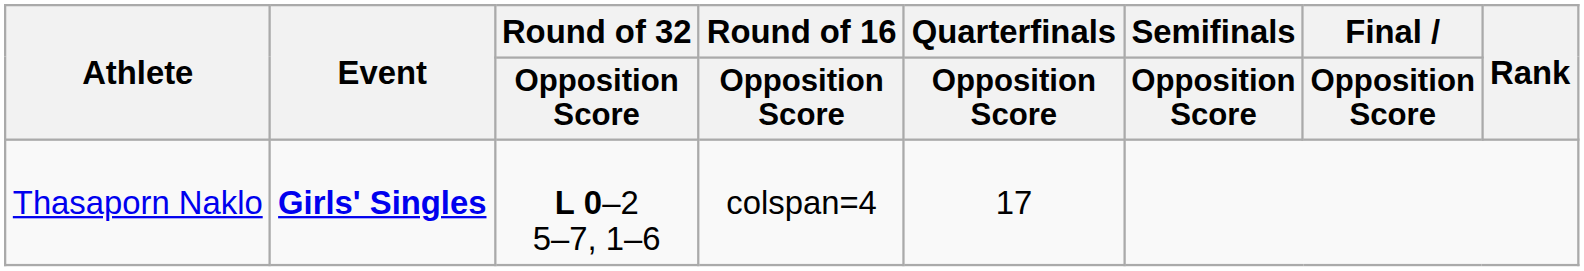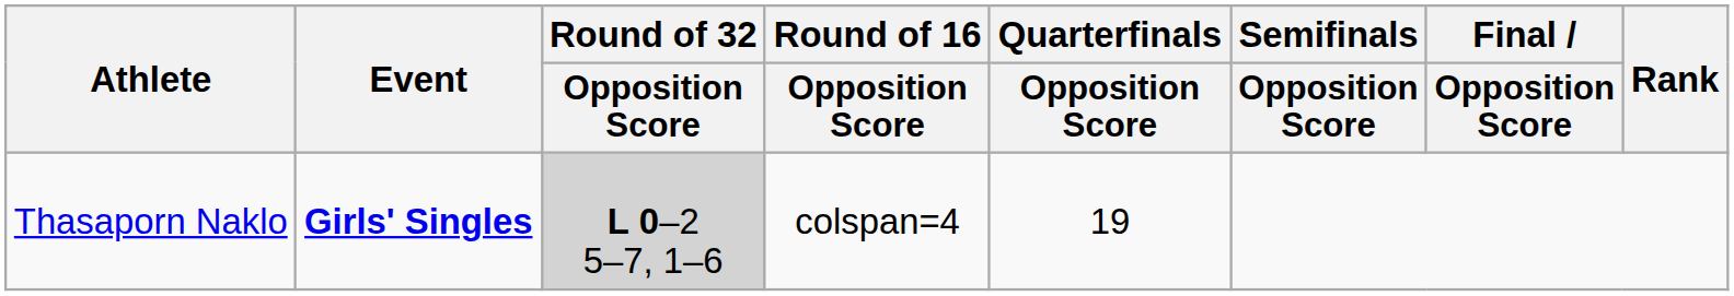 <table class=wikitable style="font-size:90%">
 <tr>
 <th rowspan="2">Athlete</th>
 <th rowspan="2">Event</th>
 <th>Round of 32</th>
 <th>Round of 16</th>
 <th>Quarterfinals</th>
 <th>Semifinals</th>
 <th>Final / </th>
 <th rowspan=2>Rank</th>
 </tr>
 <tr style="font-size:95%">
 <th>Opposition<br>Score</th>
 <th>Opposition<br>Score</th>
 <th>Opposition<br>Score</th>
 <th>Opposition<br>Score</th>
 <th>Opposition<br>Score</th>
 </tr>
 <tr align=center>
 <td align=left><a href='#'>Thasaporn Naklo</a></td>
 <td align=left><strong><a href='#'>Girls' Singles</a></strong></td>
-<td><br><strong>L</strong> <strong>0</strong>–2 <br> 5–7, 1–6</td>
+<td style="background: lightgrey;"><br><strong>L</strong> <strong>0</strong>–2 <br> 5–7, 1–6</td>
 <td>colspan=4 </td>
-<td>17</td>
+<td>19</td>
 </tr>
 </table>
